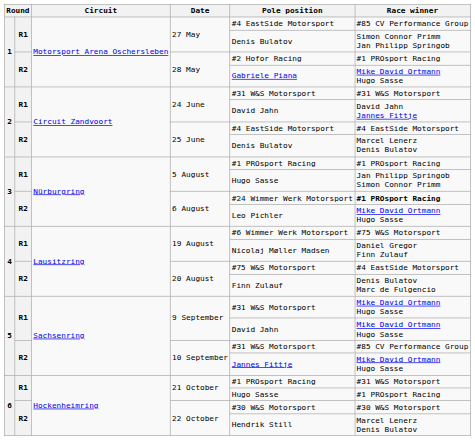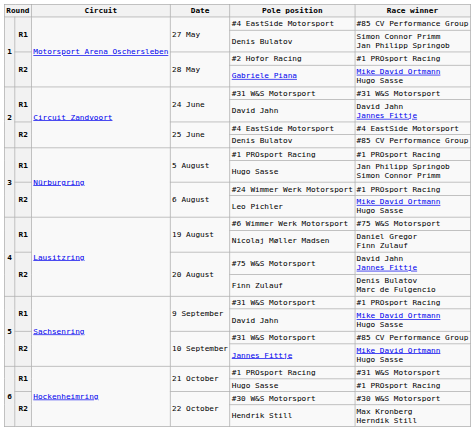 <table class="wikitable" style="font-size: 85%;">
 <tr>
 <th colspan="2">Round</th>
 <th>Circuit</th>
 <th>Date</th>
 <th>Pole position</th>
 <th>Race winner</th>
 </tr>
 <tr>
 <th rowspan="4">1</th>
 <th rowspan="2">R1</th>
 <td rowspan="4"> <a href='#'>Motorsport Arena Oschersleben</a></td>
 <td rowspan="2">27 May</td>
 <td> #4 EastSide Motorsport</td>
 <td> #85 CV Performance Group</td>
 </tr>
 <tr>
 <td> Denis Bulatov</td>
 <td> Simon Connor Primm<br> Jan Philipp Springob</td>
 </tr>
 <tr>
 <th rowspan="2">R2</th>
 <td rowspan="2">28 May</td>
 <td> #2 Hofor Racing</td>
 <td> #1 PROsport Racing</td>
 </tr>
 <tr>
 <td> <a href='#'>Gabriele Piana</a></td>
 <td> <a href='#'>Mike David Ortmann</a><br> Hugo Sasse</td>
 </tr>
 <tr>
 <th rowspan="4">2</th>
 <th rowspan="2">R1</th>
 <td rowspan="4"> <a href='#'>Circuit Zandvoort</a></td>
 <td rowspan="2">24 June</td>
 <td> #31 W&S Motorsport</td>
 <td> #31 W&S Motorsport</td>
 </tr>
 <tr>
 <td> David Jahn</td>
 <td> David Jahn<br> <a href='#'>Jannes Fittje</a></td>
 </tr>
 <tr>
 <th rowspan="2">R2</th>
 <td rowspan="2">25 June</td>
 <td> #4 EastSide Motorsport</td>
 <td> #4 EastSide Motorsport</td>
 </tr>
 <tr>
 <td> Denis Bulatov</td>
-<td> Marcel Lenerz<br> Denis Bulatov</td>
+<td> #85 CV Performance Group</td>
 </tr>
 <tr>
 <th rowspan="4">3</th>
 <th rowspan="2">R1</th>
 <td rowspan="4"> <a href='#'>Nürburgring</a></td>
 <td rowspan="2">5 August</td>
 <td> #1 PROsport Racing</td>
 <td> #1 PROsport Racing</td>
 </tr>
 <tr>
 <td> Hugo Sasse</td>
 <td> Jan Philipp Springob<br> Simon Connor Primm</td>
 </tr>
 <tr>
 <th rowspan="2">R2</th>
 <td rowspan="2">6 August</td>
 <td> #24 Wimmer Werk Motorsport</td>
-<td><strong> #1 PROsport Racing</strong></td>
+<td> #1 PROsport Racing</td>
 </tr>
 <tr>
 <td> Leo Pichler</td>
 <td> <a href='#'>Mike David Ortmann</a><br> Hugo Sasse</td>
 </tr>
 <tr>
 <th rowspan="4">4</th>
 <th rowspan="2">R1</th>
 <td rowspan="4"> <a href='#'>Lausitzring</a></td>
 <td rowspan="2">19 August</td>
 <td> #6 Wimmer Werk Motorsport</td>
 <td> #75 W&S Motorsport</td>
 </tr>
 <tr>
 <td> Nicolaj Møller Madsen</td>
 <td> Daniel Gregor<br> Finn Zulauf</td>
 </tr>
 <tr>
 <th rowspan="2">R2</th>
 <td rowspan="2">20 August</td>
 <td> #75 W&S Motorsport</td>
-<td> #4 EastSide Motorsport</td>
+<td> David Jahn<br> <a href='#'>Jannes Fittje</a></td>
 </tr>
 <tr>
 <td> Finn Zulauf</td>
 <td> Denis Bulatov<br> Marc de Fulgencio</td>
 </tr>
 <tr>
 <th rowspan="4">5</th>
 <th rowspan="2">R1</th>
 <td rowspan="4"> <a href='#'>Sachsenring</a></td>
 <td rowspan="2">9 September</td>
 <td> #31 W&S Motorsport</td>
-<td> <a href='#'>Mike David Ortmann</a><br> Hugo Sasse</td>
+<td> #1 PROsport Racing</td>
 </tr>
 <tr>
 <td> David Jahn</td>
 <td> <a href='#'>Mike David Ortmann</a><br> Hugo Sasse</td>
 </tr>
 <tr>
 <th rowspan="2">R2</th>
 <td rowspan="2">10 September</td>
 <td> #31 W&S Motorsport</td>
 <td> #85 CV Performance Group</td>
 </tr>
 <tr>
 <td> <a href='#'>Jannes Fittje</a></td>
 <td> <a href='#'>Mike David Ortmann</a><br> Hugo Sasse</td>
 </tr>
 <tr>
 <th rowspan="4">6</th>
 <th rowspan="2">R1</th>
 <td rowspan="4"> <a href='#'>Hockenheimring</a></td>
 <td rowspan="2">21 October</td>
 <td> #1 PROsport Racing</td>
 <td> #31 W&S Motorsport</td>
 </tr>
 <tr>
 <td> Hugo Sasse</td>
 <td> #1 PROsport Racing</td>
 </tr>
 <tr>
 <th rowspan="2">R2</th>
 <td rowspan="2">22 October</td>
 <td> #30 W&S Motorsport</td>
 <td> #30 W&S Motorsport</td>
 </tr>
 <tr>
 <td> Hendrik Still</td>
-<td> Marcel Lenerz<br> Denis Bulatov</td>
+<td> Max Kronberg<br> Herndik Still</td>
 </tr>
 </table>
